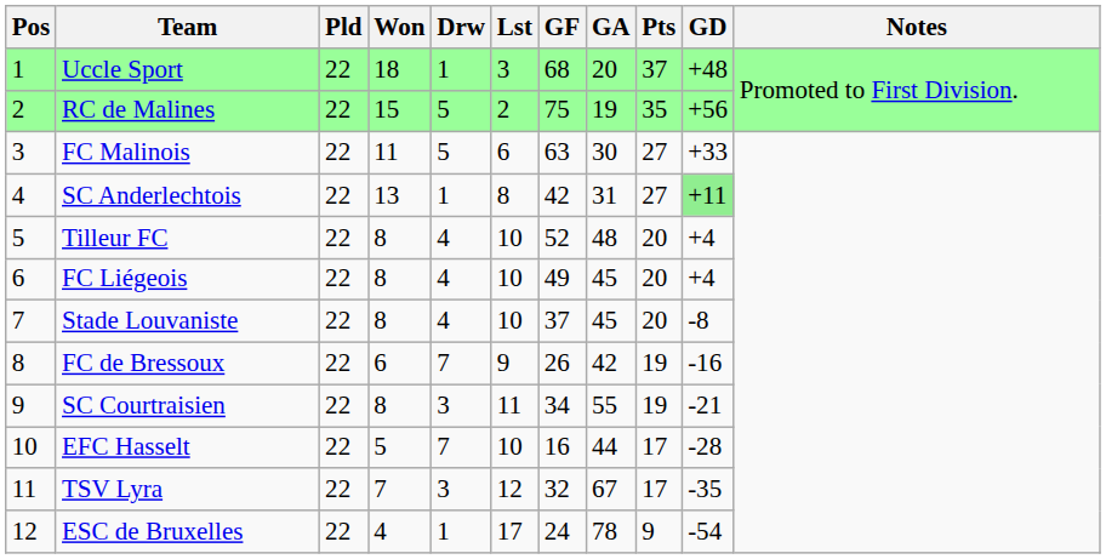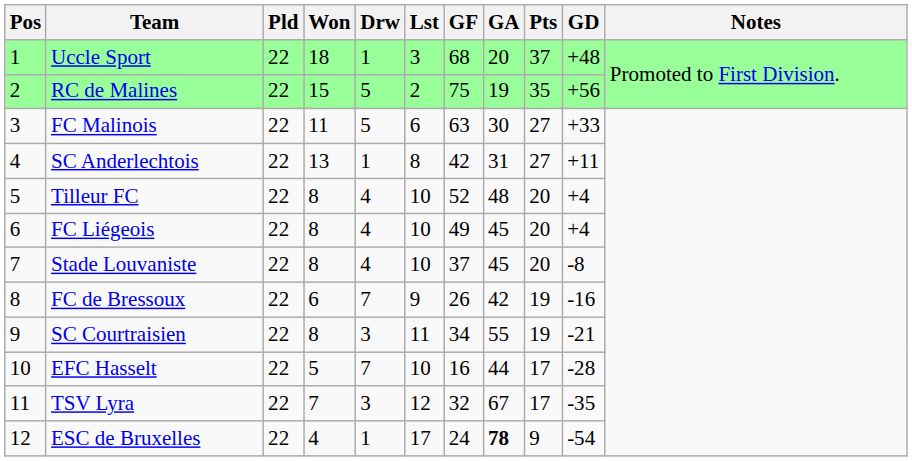 <table class="wikitable" width=70% style="font-size:90%">
 <tr>
 <th width=4%><strong>Pos</strong></th>
 <th width=26%><strong>Team</strong></th>
 <th width=4%><strong>Pld</strong></th>
 <th width=4%><strong>Won</strong></th>
 <th width=4%><strong>Drw</strong></th>
 <th width=4%><strong>Lst</strong></th>
 <th width=4%><strong>GF</strong></th>
 <th width=4%><strong>GA</strong></th>
 <th width=4%><strong>Pts</strong></th>
 <th width=4%><strong>GD</strong></th>
 <th width=38%><strong>Notes</strong></th>
 </tr>
 <tr bgcolor=#99ff99>
 <td>1</td>
 <td><a href='#'>Uccle Sport</a></td>
 <td>22</td>
 <td>18</td>
 <td>1</td>
 <td>3</td>
 <td>68</td>
 <td>20</td>
 <td>37</td>
 <td>+48</td>
 <td rowspan=2>Promoted to <a href='#'>First Division</a>.</td>
 </tr>
 <tr bgcolor=#99ff99>
 <td>2</td>
 <td><a href='#'>RC de Malines</a></td>
 <td>22</td>
 <td>15</td>
 <td>5</td>
 <td>2</td>
 <td>75</td>
 <td>19</td>
 <td>35</td>
 <td>+56</td>
 </tr>
 <tr>
 <td>3</td>
 <td><a href='#'>FC Malinois</a></td>
 <td>22</td>
 <td>11</td>
 <td>5</td>
 <td>6</td>
 <td>63</td>
 <td>30</td>
 <td>27</td>
 <td>+33</td>
 </tr>
 <tr>
 <td>4</td>
 <td><a href='#'>SC Anderlechtois</a></td>
 <td>22</td>
 <td>13</td>
 <td>1</td>
 <td>8</td>
 <td>42</td>
 <td>31</td>
 <td>27</td>
-<td style="background: lightgreen;">+11</td>
+<td>+11</td>
 </tr>
 <tr>
 <td>5</td>
 <td><a href='#'>Tilleur FC</a></td>
 <td>22</td>
 <td>8</td>
 <td>4</td>
 <td>10</td>
 <td>52</td>
 <td>48</td>
 <td>20</td>
 <td>+4</td>
 </tr>
 <tr>
 <td>6</td>
 <td><a href='#'>FC Liégeois</a></td>
 <td>22</td>
 <td>8</td>
 <td>4</td>
 <td>10</td>
 <td>49</td>
 <td>45</td>
 <td>20</td>
 <td>+4</td>
 </tr>
 <tr>
 <td>7</td>
 <td><a href='#'>Stade Louvaniste</a></td>
 <td>22</td>
 <td>8</td>
 <td>4</td>
 <td>10</td>
 <td>37</td>
 <td>45</td>
 <td>20</td>
 <td>-8</td>
 </tr>
 <tr>
 <td>8</td>
 <td><a href='#'>FC de Bressoux</a></td>
 <td>22</td>
 <td>6</td>
 <td>7</td>
 <td>9</td>
 <td>26</td>
 <td>42</td>
 <td>19</td>
 <td>-16</td>
 </tr>
 <tr>
 <td>9</td>
 <td><a href='#'>SC Courtraisien</a></td>
 <td>22</td>
 <td>8</td>
 <td>3</td>
 <td>11</td>
 <td>34</td>
 <td>55</td>
 <td>19</td>
 <td>-21</td>
 </tr>
 <tr>
 <td>10</td>
 <td><a href='#'>EFC Hasselt</a></td>
 <td>22</td>
 <td>5</td>
 <td>7</td>
 <td>10</td>
 <td>16</td>
 <td>44</td>
 <td>17</td>
 <td>-28</td>
 </tr>
 <tr>
 <td>11</td>
 <td><a href='#'>TSV Lyra</a></td>
 <td>22</td>
 <td>7</td>
 <td>3</td>
 <td>12</td>
 <td>32</td>
 <td>67</td>
 <td>17</td>
 <td>-35</td>
 </tr>
 <tr>
 <td>12</td>
 <td><a href='#'>ESC de Bruxelles</a></td>
 <td>22</td>
 <td>4</td>
 <td>1</td>
 <td>17</td>
 <td>24</td>
-<td>78</td>
+<td><strong>78</strong></td>
 <td>9</td>
 <td>-54</td>
 </tr>
 </table>
